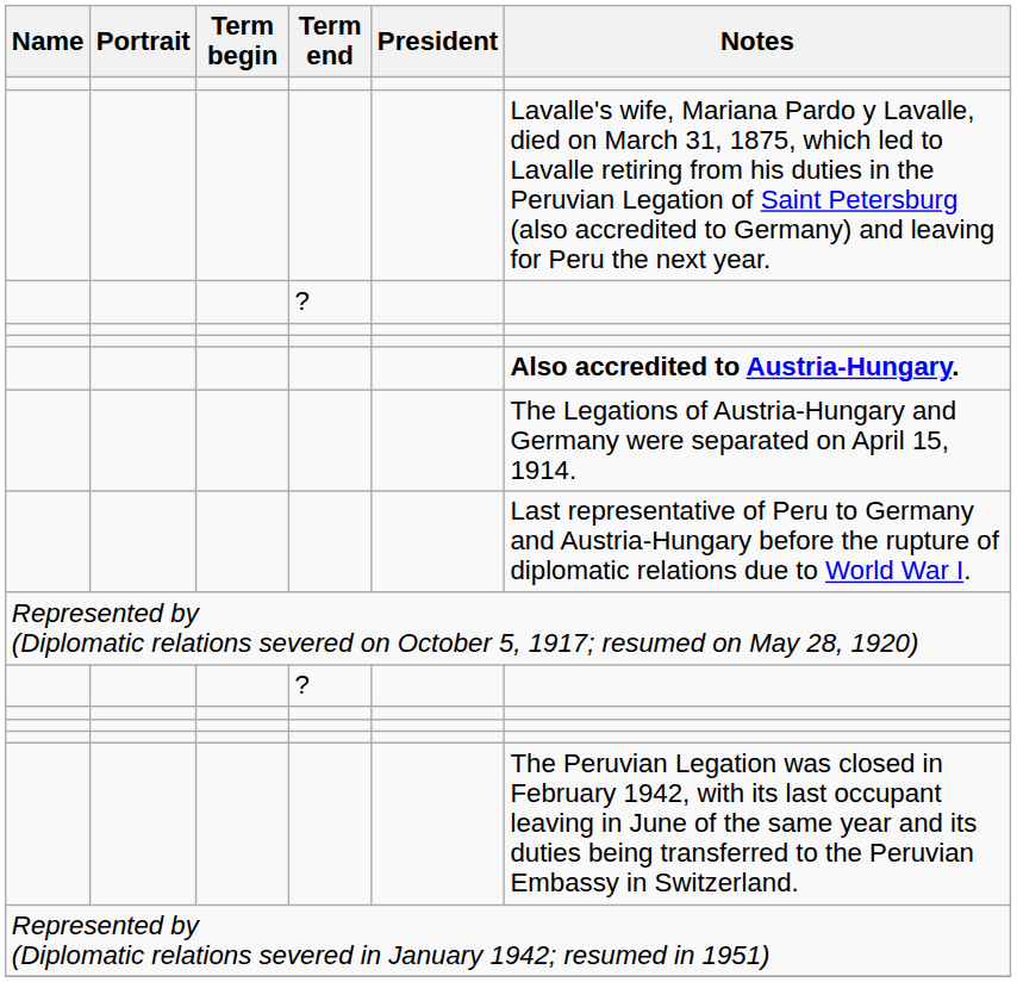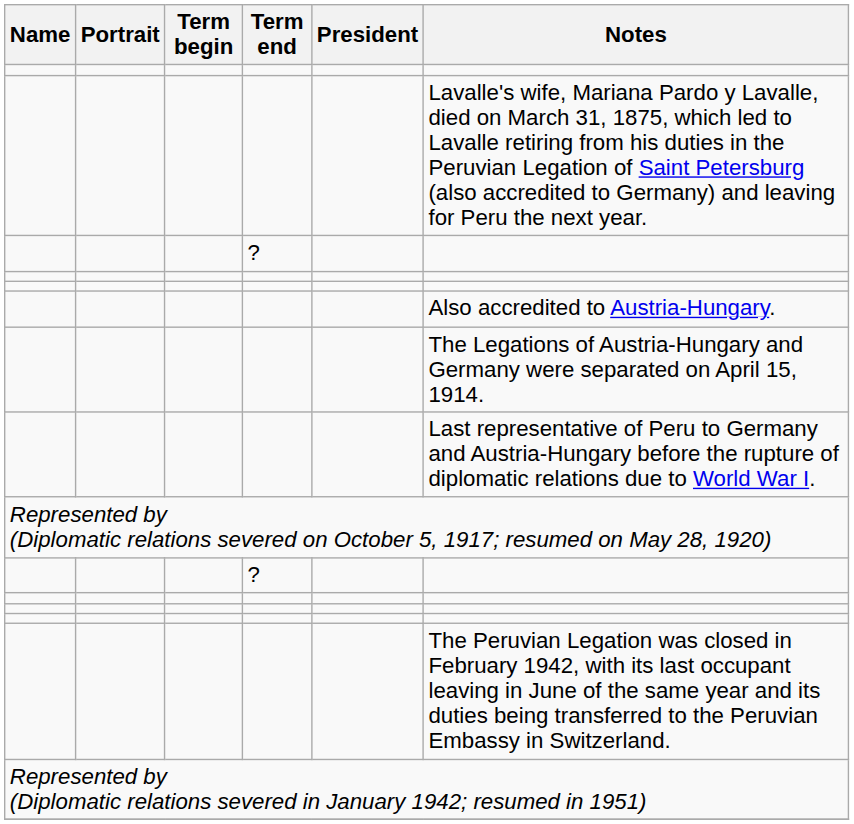 <table class="wikitable sortable"  text-align:center;">
 <tr>
 <th>Name</th>
 <th class="unsortable">Portrait</th>
 <th>Term begin</th>
 <th>Term end</th>
 <th>President</th>
 <th class="unsortable">Notes</th>
 </tr>
 <tr>
 <td></td>
 <td></td>
 <td></td>
 <td></td>
 <td></td>
 <td></td>
 </tr>
 <tr>
 <td></td>
 <td></td>
 <td></td>
 <td></td>
 <td></td>
 <td>Lavalle's wife, Mariana Pardo y Lavalle, died on March 31, 1875, which led to Lavalle retiring from his duties in the Peruvian Legation of <a href='#'>Saint Petersburg</a> (also accredited to Germany) and leaving for Peru the next year.</td>
 </tr>
 <tr>
 <td></td>
 <td></td>
 <td></td>
 <td>?</td>
 <td></td>
 <td></td>
 </tr>
 <tr>
 <td></td>
 <td></td>
 <td></td>
 <td></td>
 <td></td>
 <td></td>
 </tr>
 <tr>
 <td></td>
 <td></td>
 <td></td>
 <td></td>
 <td></td>
 <td></td>
 </tr>
 <tr>
 <td></td>
 <td></td>
 <td></td>
 <td></td>
 <td></td>
-<td><strong>Also accredited to <a href='#'>Austria-Hungary</a>.</strong></td>
+<td>Also accredited to <a href='#'>Austria-Hungary</a>.</td>
 </tr>
 <tr>
 <td></td>
 <td></td>
 <td></td>
 <td></td>
 <td></td>
 <td>The Legations of Austria-Hungary and Germany were separated on April 15, 1914.</td>
 </tr>
 <tr>
 <td></td>
 <td></td>
 <td></td>
 <td></td>
 <td></td>
 <td>Last representative of Peru to Germany and Austria-Hungary before the rupture of diplomatic relations due to <a href='#'>World War I</a>.</td>
 </tr>
 <tr>
 <td colspan=6><div><em>Represented by  <br>(Diplomatic relations severed on October 5, 1917; resumed on May 28, 1920)</em></div></td>
 </tr>
 <tr>
 <td></td>
 <td></td>
 <td></td>
 <td>?</td>
 <td></td>
 <td></td>
 </tr>
 <tr>
 <td></td>
 <td></td>
 <td></td>
 <td></td>
 <td></td>
 <td></td>
 </tr>
 <tr>
 <td></td>
 <td></td>
 <td></td>
 <td></td>
 <td></td>
 <td></td>
 </tr>
 <tr>
 <td></td>
 <td></td>
 <td></td>
 <td></td>
 <td></td>
 <td></td>
 </tr>
 <tr>
 <td></td>
 <td></td>
 <td></td>
 <td></td>
 <td></td>
 <td>The Peruvian Legation was closed in February 1942, with its last occupant leaving in June of the same year and its duties being transferred to the Peruvian Embassy in Switzerland.</td>
 </tr>
 <tr>
 <td colspan=6><div><em>Represented by  <br>(Diplomatic relations severed in January 1942; resumed in 1951)</em></div></td>
 </tr>
 <tr>
 </tr>
 </table>
